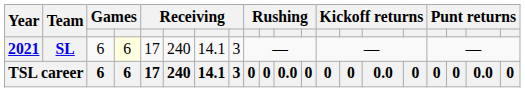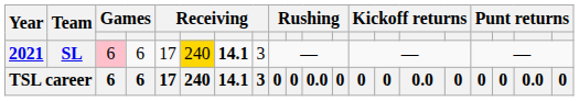 <table class="wikitable" style="text-align: center;">
 <tr>
 <th rowspan="2">Year</th>
 <th rowspan="2">Team</th>
 <th colspan="2">Games</th>
 <th colspan="4">Receiving</th>
 <th colspan="4">Rushing</th>
 <th colspan="4">Kickoff returns</th>
 <th colspan="4">Punt returns</th>
 </tr>
 <tr>
 <th></th>
 <th></th>
 <th></th>
 <th></th>
 <th></th>
 <th></th>
 <th></th>
 <th></th>
 <th></th>
 <th></th>
 <th></th>
 <th></th>
 <th></th>
 <th></th>
 <th></th>
 <th></th>
 <th></th>
 <th></th>
 </tr>
 <tr>
 <th><a href='#'>2021</a></th>
 <th><a href='#'>SL</a></th>
+<td style="background: pink;">6</td>
 <td>6</td>
-<td style="background: lightyellow;">6</td>
 <td>17</td>
-<td>240</td>
-<td>14.1</td>
+<td style="background: gold;">240</td>
+<td><strong>14.1</strong></td>
 <td>3</td>
 <td colspan="4">—</td>
 <td colspan="4">—</td>
 <td colspan="4">—</td>
 </tr>
 <tr>
 <th colspan="2">TSL career</th>
 <th>6</th>
 <th>6</th>
 <th>17</th>
 <th>240</th>
 <th>14.1</th>
 <th>3</th>
 <th>0</th>
 <th>0</th>
 <th>0.0</th>
 <th>0</th>
 <th>0</th>
 <th>0</th>
 <th>0.0</th>
 <th>0</th>
 <th>0</th>
 <th>0</th>
 <th>0.0</th>
 <th>0</th>
 </tr>
 </table>
